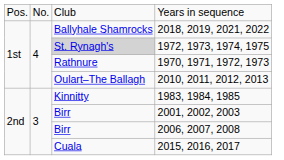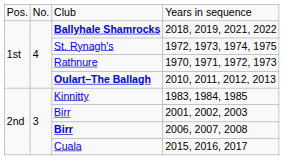 <table class="wikitable">
 <tr>
 <td>Pos.</td>
 <td>No.</td>
 <td>Club</td>
 <td>Years in sequence</td>
 </tr>
 <tr>
 <td rowspan=4>1st</td>
 <td rowspan=4>4</td>
-<td><a href='#'>Ballyhale Shamrocks</a></td>
+<td><strong><a href='#'>Ballyhale Shamrocks</a></strong></td>
 <td>2018, 2019, 2021, 2022</td>
 </tr>
 <tr>
-<td style="background: lightgrey;"><a href='#'>St. Rynagh's</a></td>
+<td><a href='#'>St. Rynagh's</a></td>
 <td>1972, 1973, 1974, 1975</td>
 </tr>
 <tr>
 <td><a href='#'>Rathnure</a></td>
 <td>1970, 1971, 1972, 1973</td>
 </tr>
 <tr>
-<td><a href='#'>Oulart–The Ballagh</a></td>
+<td><strong><a href='#'>Oulart–The Ballagh</a></strong></td>
 <td>2010, 2011, 2012, 2013</td>
 </tr>
 <tr>
 <td rowspan=4>2nd</td>
 <td rowspan=4>3</td>
 <td><a href='#'>Kinnitty</a></td>
 <td>1983, 1984, 1985</td>
 </tr>
 <tr>
 <td><a href='#'>Birr</a></td>
 <td>2001, 2002, 2003</td>
 </tr>
 <tr>
-<td><a href='#'>Birr</a></td>
+<td><strong><a href='#'>Birr</a></strong></td>
 <td>2006, 2007, 2008</td>
 </tr>
 <tr>
 <td><a href='#'>Cuala</a></td>
 <td>2015, 2016, 2017</td>
 </tr>
 </table>
